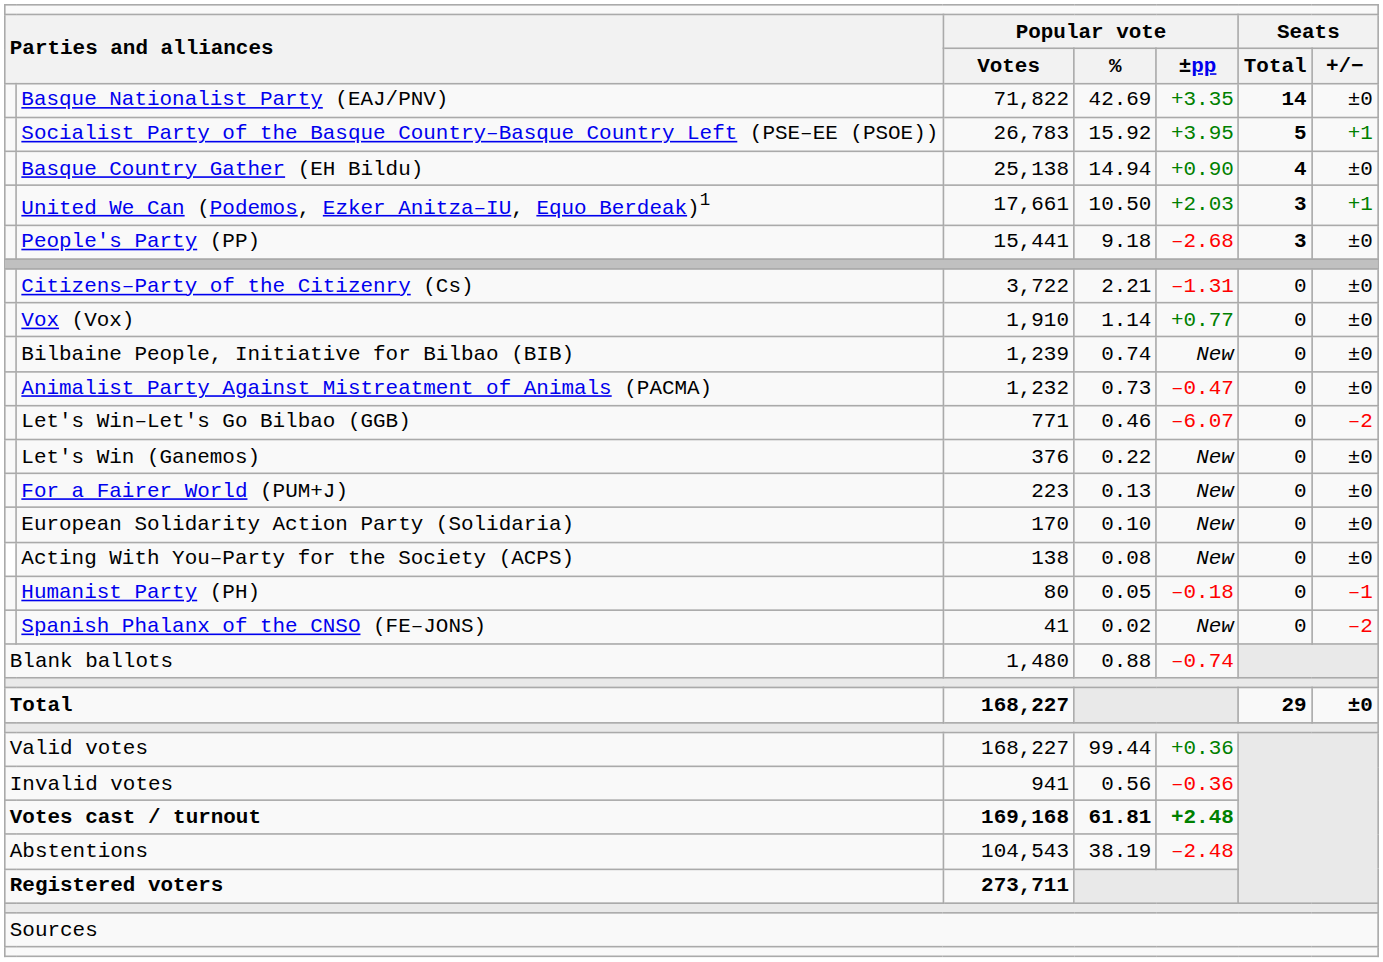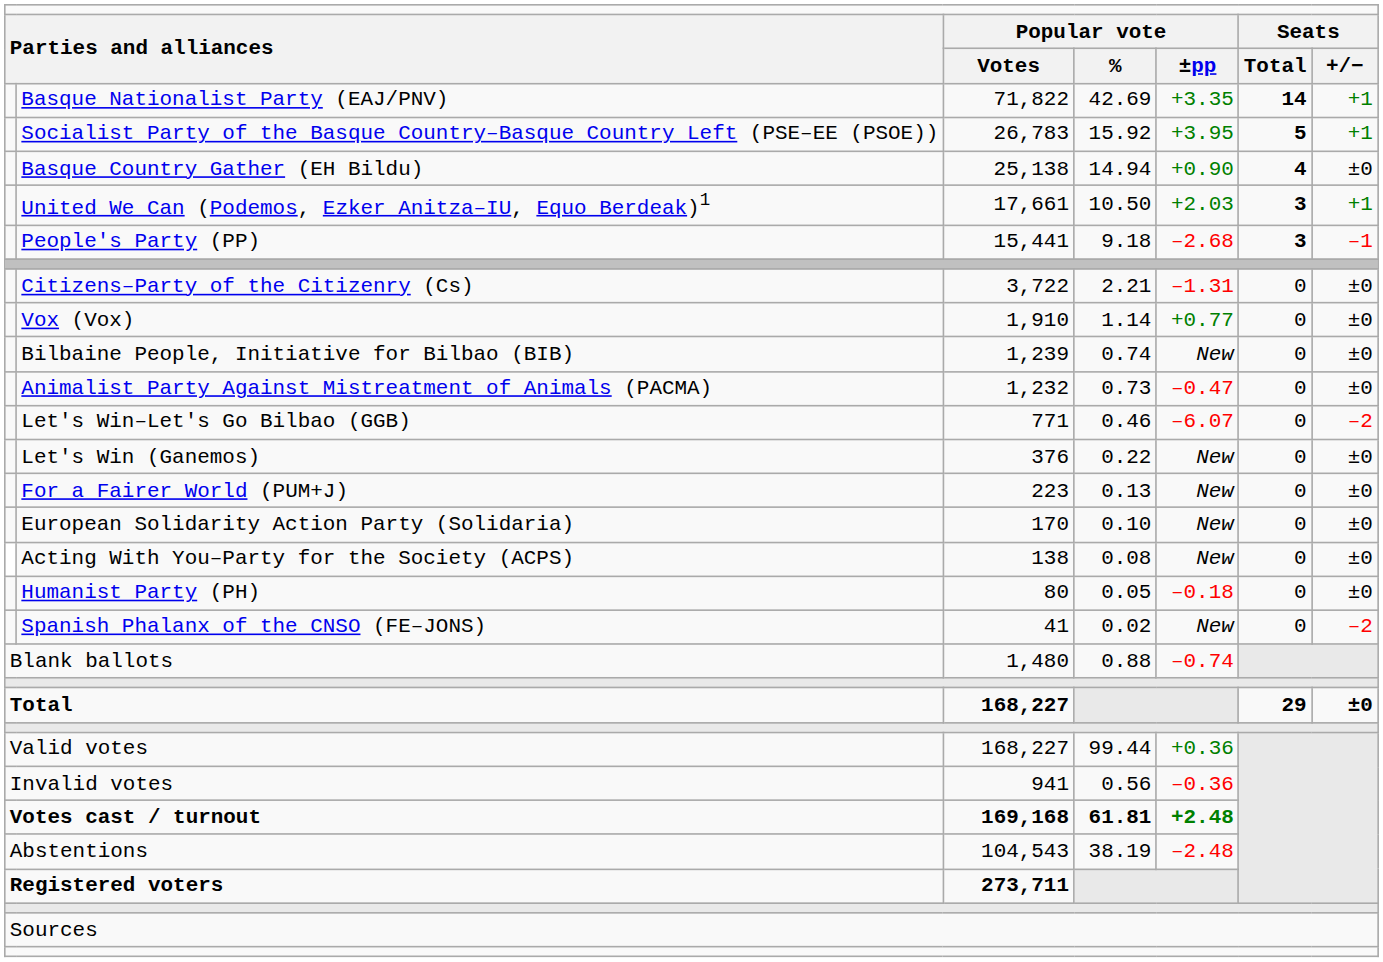 <table class="wikitable" style="text-align:right;">
 <tr>
 <td colspan="7"></td>
 </tr>
 <tr>
 <th style="text-align:left;" rowspan="2" colspan="2" width="525">Parties and alliances</th>
 <th colspan="3">Popular vote</th>
 <th colspan="2">Seats</th>
 </tr>
 <tr>
 <th width="75">Votes</th>
 <th width="45">%</th>
 <th width="45">±<a href='#'>pp</a></th>
 <th width="35">Total</th>
 <th width="35">+/−</th>
 </tr>
 <tr>
 <td width="1" style="color:inherit;background:"></td>
 <td align="left"><a href='#'>Basque Nationalist Party</a> (EAJ/PNV)</td>
 <td>71,822</td>
 <td>42.69</td>
 <td style="color:green;">+3.35</td>
 <td><strong>14</strong></td>
-<td>±0</td>
+<td style="color:green;">+1</td>
 </tr>
 <tr>
 <td style="color:inherit;background:"></td>
 <td align="left"><a href='#'>Socialist Party of the Basque Country–Basque Country Left</a> (PSE–EE (PSOE))</td>
 <td>26,783</td>
 <td>15.92</td>
 <td style="color:green;">+3.95</td>
 <td><strong>5</strong></td>
 <td style="color:green;">+1</td>
 </tr>
 <tr>
 <td style="color:inherit;background:"></td>
 <td align="left"><a href='#'>Basque Country Gather</a> (EH Bildu)</td>
 <td>25,138</td>
 <td>14.94</td>
 <td style="color:green;">+0.90</td>
 <td><strong>4</strong></td>
 <td>±0</td>
 </tr>
 <tr>
 <td style="color:inherit;background:"></td>
 <td align="left"><a href='#'>United We Can</a> (<a href='#'>Podemos</a>, <a href='#'>Ezker Anitza–IU</a>, <a href='#'>Equo Berdeak</a>)<sup>1</sup></td>
 <td>17,661</td>
 <td>10.50</td>
 <td style="color:green;">+2.03</td>
 <td><strong>3</strong></td>
 <td style="color:green;">+1</td>
 </tr>
 <tr>
 <td style="color:inherit;background:"></td>
 <td align="left"><a href='#'>People's Party</a> (PP)</td>
 <td>15,441</td>
 <td>9.18</td>
 <td style="color:red;">–2.68</td>
 <td><strong>3</strong></td>
-<td>±0</td>
+<td style="color:red;">–1</td>
 </tr>
 <tr>
 <td colspan="7" bgcolor="#C0C0C0"></td>
 </tr>
 <tr>
 <td style="color:inherit;background:"></td>
 <td align="left"><a href='#'>Citizens–Party of the Citizenry</a> (Cs)</td>
 <td>3,722</td>
 <td>2.21</td>
 <td style="color:red;">–1.31</td>
 <td>0</td>
 <td>±0</td>
 </tr>
 <tr>
 <td style="color:inherit;background:"></td>
 <td align="left"><a href='#'>Vox</a> (Vox)</td>
 <td>1,910</td>
 <td>1.14</td>
 <td style="color:green;">+0.77</td>
 <td>0</td>
 <td>±0</td>
 </tr>
 <tr>
 <td style="color:inherit;background:"></td>
 <td align="left">Bilbaine People, Initiative for Bilbao (BIB)</td>
 <td>1,239</td>
 <td>0.74</td>
 <td><em>New</em></td>
 <td>0</td>
 <td>±0</td>
 </tr>
 <tr>
 <td style="color:inherit;background:"></td>
 <td align="left"><a href='#'>Animalist Party Against Mistreatment of Animals</a> (PACMA)</td>
 <td>1,232</td>
 <td>0.73</td>
 <td style="color:red;">–0.47</td>
 <td>0</td>
 <td>±0</td>
 </tr>
 <tr>
 <td style="color:inherit;background:"></td>
 <td align="left">Let's Win–Let's Go Bilbao (GGB)</td>
 <td>771</td>
 <td>0.46</td>
 <td style="color:red;">–6.07</td>
 <td>0</td>
 <td style="color:red;">–2</td>
 </tr>
 <tr>
 <td style="color:inherit;background:"></td>
 <td align="left">Let's Win (Ganemos)</td>
 <td>376</td>
 <td>0.22</td>
 <td><em>New</em></td>
 <td>0</td>
 <td>±0</td>
 </tr>
 <tr>
 <td style="color:inherit;background:"></td>
 <td align="left"><a href='#'>For a Fairer World</a> (PUM+J)</td>
 <td>223</td>
 <td>0.13</td>
 <td><em>New</em></td>
 <td>0</td>
 <td>±0</td>
 </tr>
 <tr>
 <td style="color:inherit;background:"></td>
 <td align="left">European Solidarity Action Party (Solidaria)</td>
 <td>170</td>
 <td>0.10</td>
 <td><em>New</em></td>
 <td>0</td>
 <td>±0</td>
 </tr>
 <tr>
 <td bgcolor="white"></td>
 <td align="left">Acting With You–Party for the Society (ACPS)</td>
 <td>138</td>
 <td>0.08</td>
 <td><em>New</em></td>
 <td>0</td>
 <td>±0</td>
 </tr>
 <tr>
 <td style="color:inherit;background:"></td>
 <td align="left"><a href='#'>Humanist Party</a> (PH)</td>
 <td>80</td>
 <td>0.05</td>
 <td style="color:red;">–0.18</td>
 <td>0</td>
-<td style="color:red;">–1</td>
+<td>±0</td>
 </tr>
 <tr>
 <td style="color:inherit;background:"></td>
 <td align="left"><a href='#'>Spanish Phalanx of the CNSO</a> (FE–JONS)</td>
 <td>41</td>
 <td>0.02</td>
 <td><em>New</em></td>
 <td>0</td>
 <td style="color:red;">–2</td>
 </tr>
 <tr>
 <td align="left" colspan="2">Blank ballots</td>
 <td>1,480</td>
 <td>0.88</td>
 <td style="color:red;">–0.74</td>
 <td bgcolor="#E9E9E9" colspan="2"></td>
 </tr>
 <tr>
 <td colspan="7" bgcolor="#E9E9E9"></td>
 </tr>
 <tr style="font-weight:bold;">
 <td align="left" colspan="2">Total</td>
 <td>168,227</td>
 <td bgcolor="#E9E9E9" colspan="2"></td>
 <td>29</td>
 <td>±0</td>
 </tr>
 <tr>
 <td colspan="7" bgcolor="#E9E9E9"></td>
 </tr>
 <tr>
 <td align="left" colspan="2">Valid votes</td>
 <td>168,227</td>
 <td>99.44</td>
 <td style="color:green;">+0.36</td>
 <td bgcolor="#E9E9E9" colspan="2" rowspan="5"></td>
 </tr>
 <tr>
 <td align="left" colspan="2">Invalid votes</td>
 <td>941</td>
 <td>0.56</td>
 <td style="color:red;">–0.36</td>
 </tr>
 <tr style="font-weight:bold;">
 <td align="left" colspan="2">Votes cast / turnout</td>
 <td>169,168</td>
 <td>61.81</td>
 <td style="color:green;">+2.48</td>
 </tr>
 <tr>
 <td align="left" colspan="2">Abstentions</td>
 <td>104,543</td>
 <td>38.19</td>
 <td style="color:red;">–2.48</td>
 </tr>
 <tr style="font-weight:bold;">
 <td align="left" colspan="2">Registered voters</td>
 <td>273,711</td>
 <td bgcolor="#E9E9E9" colspan="2"></td>
 </tr>
 <tr>
 <td colspan="7" bgcolor="#E9E9E9"></td>
 </tr>
 <tr>
 <td align="left" colspan="7">Sources</td>
 </tr>
 <tr>
 <td colspan="7" style="text-align:left; max-width:790px;"></td>
 </tr>
 </table>
